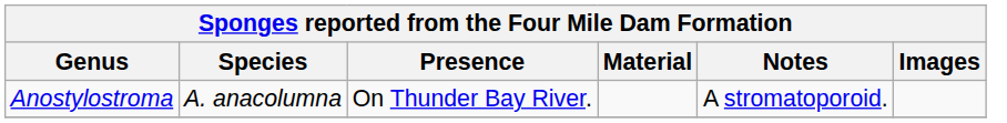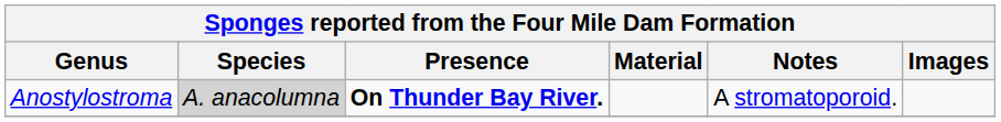 <table class="wikitable" align="center">
 <tr>
 <th colspan="6" align="center"><strong><a href='#'>Sponges</a> reported from the Four Mile Dam Formation</strong></th>
 </tr>
 <tr>
 <th>Genus</th>
 <th>Species</th>
 <th>Presence</th>
 <th><strong>Material</strong></th>
 <th>Notes</th>
 <th>Images</th>
 </tr>
 <tr>
 <td><em><a href='#'>Anostylostroma</a></em></td>
-<td><em>A. anacolumna</em></td>
-<td>On <a href='#'>Thunder Bay River</a>.</td>
+<td style="background: lightgrey;"><em>A. anacolumna</em></td>
+<td><strong>On <a href='#'>Thunder Bay River</a>.</strong></td>
 <td></td>
 <td>A <a href='#'>stromatoporoid</a>.</td>
 <td></td>
 </tr>
 <tr>
 </tr>
 </table>
